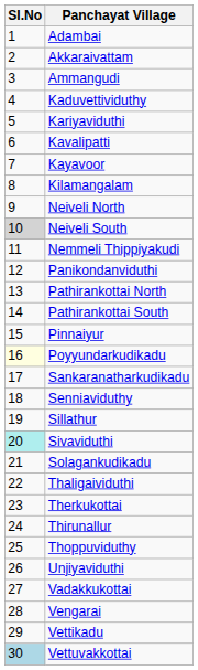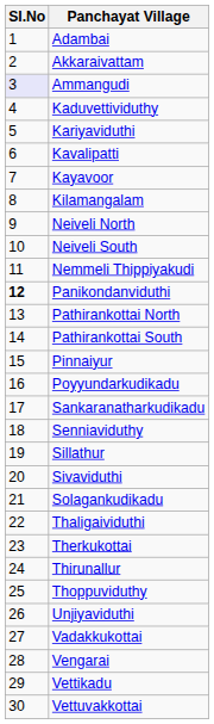 <table class="wikitable sortable">
 <tr>
 <th>SI.No</th>
 <th>Panchayat Village</th>
 </tr>
 <tr>
 <td>1</td>
 <td><a href='#'>Adambai</a></td>
 </tr>
 <tr>
 <td>2</td>
 <td><a href='#'>Akkaraivattam</a></td>
 </tr>
 <tr>
-<td>3</td>
+<td style="background: lavender;">3</td>
 <td><a href='#'>Ammangudi</a></td>
 </tr>
 <tr>
 <td>4</td>
 <td><a href='#'>Kaduvettividuthy</a></td>
 </tr>
 <tr>
 <td>5</td>
 <td><a href='#'>Kariyaviduthi</a></td>
 </tr>
 <tr>
 <td>6</td>
 <td><a href='#'>Kavalipatti</a></td>
 </tr>
 <tr>
 <td>7</td>
 <td><a href='#'>Kayavoor</a></td>
 </tr>
 <tr>
 <td>8</td>
 <td><a href='#'>Kilamangalam</a></td>
 </tr>
 <tr>
 <td>9</td>
 <td><a href='#'>Neiveli North</a></td>
 </tr>
 <tr>
-<td style="background: lightgrey;">10</td>
+<td>10</td>
 <td><a href='#'>Neiveli South</a></td>
 </tr>
 <tr>
 <td>11</td>
 <td><a href='#'>Nemmeli Thippiyakudi</a></td>
 </tr>
 <tr>
-<td>12</td>
+<td><strong>12</strong></td>
 <td><a href='#'>Panikondanviduthi</a></td>
 </tr>
 <tr>
 <td>13</td>
 <td><a href='#'>Pathirankottai North</a></td>
 </tr>
 <tr>
 <td>14</td>
 <td><a href='#'>Pathirankottai South</a></td>
 </tr>
 <tr>
 <td>15</td>
 <td><a href='#'>Pinnaiyur</a></td>
 </tr>
 <tr>
-<td style="background: lightyellow;">16</td>
+<td>16</td>
 <td><a href='#'>Poyyundarkudikadu</a></td>
 </tr>
 <tr>
 <td>17</td>
 <td><a href='#'>Sankaranatharkudikadu</a></td>
 </tr>
 <tr>
 <td>18</td>
 <td><a href='#'>Senniaviduthy</a></td>
 </tr>
 <tr>
 <td>19</td>
 <td><a href='#'>Sillathur</a></td>
 </tr>
 <tr>
-<td style="background: paleturquoise;">20</td>
+<td>20</td>
 <td><a href='#'>Sivaviduthi</a></td>
 </tr>
 <tr>
 <td>21</td>
 <td><a href='#'>Solagankudikadu</a></td>
 </tr>
 <tr>
 <td>22</td>
 <td><a href='#'>Thaligaividuthi</a></td>
 </tr>
 <tr>
 <td>23</td>
 <td><a href='#'>Therkukottai</a></td>
 </tr>
 <tr>
 <td>24</td>
 <td><a href='#'>Thirunallur</a></td>
 </tr>
 <tr>
 <td>25</td>
 <td><a href='#'>Thoppuviduthy</a></td>
 </tr>
 <tr>
 <td>26</td>
 <td><a href='#'>Unjiyaviduthi</a></td>
 </tr>
 <tr>
 <td>27</td>
 <td><a href='#'>Vadakkukottai</a></td>
 </tr>
 <tr>
 <td>28</td>
 <td><a href='#'>Vengarai</a></td>
 </tr>
 <tr>
 <td>29</td>
 <td><a href='#'>Vettikadu</a></td>
 </tr>
 <tr>
-<td style="background: lightblue;">30</td>
+<td>30</td>
 <td><a href='#'>Vettuvakkottai</a></td>
 </tr>
 </table>
